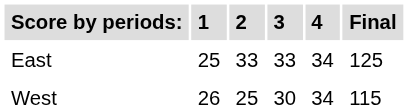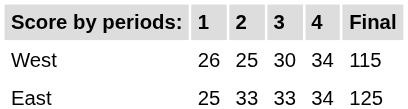 <table cellpadding=5>
 <tr bgcolor="#dddddd">
 <td><strong>Score by periods:</strong></td>
 <td><strong>1</strong></td>
 <td><strong>2</strong></td>
 <td><strong>3</strong></td>
 <td><strong>4</strong></td>
 <td><strong>Final</strong></td>
 </tr>
 <tr>
+<td>West</td>
+<td>26</td>
+<td>25</td>
+<td>30</td>
+<td>34</td>
+<td>115</td>
+</tr>
+<tr>
 <td>East</td>
 <td>25</td>
 <td>33</td>
 <td>33</td>
 <td>34</td>
 <td>125</td>
 </tr>
 <tr>
-<td>West</td>
-<td>26</td>
-<td>25</td>
-<td>30</td>
-<td>34</td>
-<td>115</td>
-</tr>
-<tr>
 </tr>
 </table>
